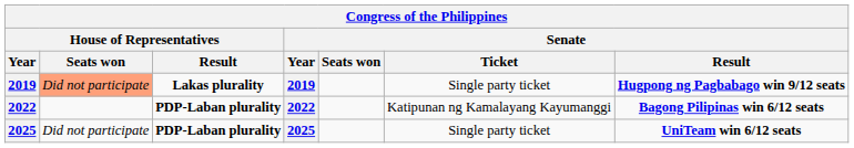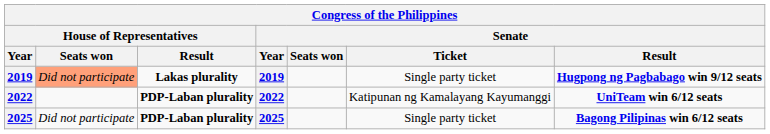 <table class="wikitable" style="text-align:center; font-size:90%">
 <tr>
 <th colspan=7><a href='#'>Congress of the Philippines</a></th>
 </tr>
 <tr>
 <th colspan="3">House of Representatives</th>
 <th colspan="4">Senate</th>
 </tr>
 <tr>
 <th>Year</th>
 <th>Seats won</th>
 <th>Result</th>
 <th>Year</th>
 <th>Seats won</th>
 <th>Ticket</th>
 <th>Result</th>
 </tr>
 <tr>
 <th><a href='#'>2019</a></th>
 <td style="background: lightsalmon;"><em>Did not participate</em></td>
 <td><strong>Lakas plurality</strong></td>
 <th><a href='#'>2019</a></th>
 <td></td>
 <td>Single party ticket</td>
 <td><strong><a href='#'>Hugpong ng Pagbabago</a> win 9/12 seats</strong></td>
 </tr>
 <tr>
 <th><a href='#'>2022</a></th>
 <td></td>
 <td><strong>PDP-Laban plurality</strong></td>
 <th><a href='#'>2022</a></th>
 <td></td>
 <td>Katipunan ng Kamalayang Kayumanggi</td>
-<td><strong><a href='#'>Bagong Pilipinas</a> win 6/12 seats</strong></td>
+<td><strong><a href='#'>UniTeam</a> win 6/12 seats</strong></td>
 </tr>
 <tr>
 <th><a href='#'>2025</a></th>
 <td><em>Did not participate</em></td>
 <td><strong>PDP-Laban plurality</strong></td>
 <th><a href='#'>2025</a></th>
 <td></td>
 <td>Single party ticket</td>
-<td><strong><a href='#'>UniTeam</a> win 6/12 seats</strong></td>
+<td><strong><a href='#'>Bagong Pilipinas</a> win 6/12 seats</strong></td>
 </tr>
 </table>
